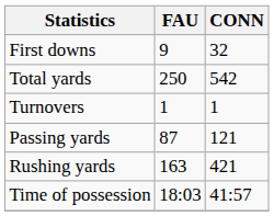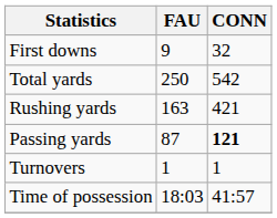 <table class="wikitable" style="float: left;">
 <tr>
 <th>Statistics</th>
 <th>FAU</th>
 <th>CONN</th>
 </tr>
 <tr>
 <td>First downs</td>
 <td>9</td>
 <td>32</td>
 </tr>
 <tr>
 <td>Total yards</td>
 <td>250</td>
 <td>542</td>
 </tr>
 <tr>
-<td>Turnovers</td>
-<td>1</td>
-<td>1</td>
+<td>Rushing yards</td>
+<td>163</td>
+<td>421</td>
 </tr>
 <tr>
 <td>Passing yards</td>
 <td>87</td>
-<td>121</td>
+<td><strong>121</strong></td>
 </tr>
 <tr>
-<td>Rushing yards</td>
-<td>163</td>
-<td>421</td>
+<td>Turnovers</td>
+<td>1</td>
+<td>1</td>
 </tr>
 <tr>
 <td>Time of possession</td>
 <td>18:03</td>
 <td>41:57</td>
 </tr>
 <tr>
 </tr>
 </table>
